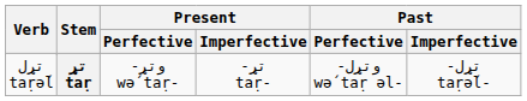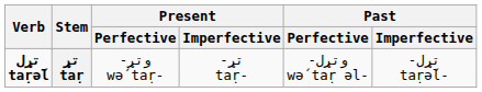 <table class="wikitable" style="text-align: center">
 <tr>
 <th rowspan="3">Verb</th>
 <th rowspan="3">Stem</th>
 <th colspan="2">Present</th>
 <th colspan="2">Past</th>
 </tr>
 <tr>
 <th>Perfective</th>
 <th>Imperfective</th>
 <th>Perfective</th>
 <th>Imperfective</th>
 </tr>
 <tr>
 <td rowspan="2">-وتړ<br>wә́  taṛ-</td>
 <td rowspan="2">-تړ<br>taṛ-</td>
 <td rowspan="2">-وتړل<br>wә́ taṛ әl-</td>
 <td rowspan="2">-تړل<br>taṛә́l-</td>
 </tr>
 <tr>
-<td>تړل<br>taṛә́l</td>
+<td><strong>تړل<br>taṛә́l</strong></td>
 <th>تړ<br>taṛ</th>
 </tr>
 </table>
